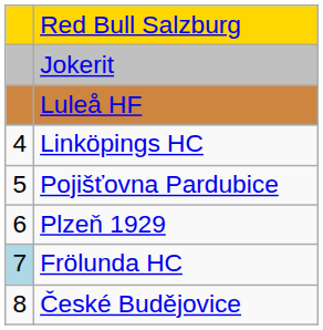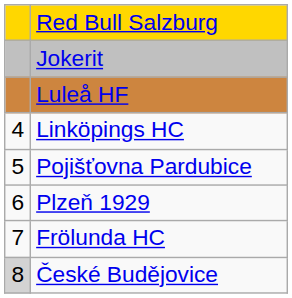 <table class="wikitable" style="width:200px;">
 <tr style="background:gold;">
 <td align=center></td>
 <td> <a href='#'>Red Bull Salzburg</a></td>
 </tr>
 <tr style="background:silver;">
 <td align=center></td>
 <td> <a href='#'>Jokerit</a></td>
 </tr>
 <tr style="background:peru;">
 <td align=center></td>
 <td> <a href='#'>Luleå HF</a></td>
 </tr>
 <tr>
 <td align=center>4</td>
 <td> <a href='#'>Linköpings HC</a></td>
 </tr>
 <tr>
 <td align=center>5</td>
 <td> <a href='#'>Pojišťovna Pardubice</a></td>
 </tr>
 <tr>
 <td align=center>6</td>
 <td> <a href='#'>Plzeň 1929</a></td>
 </tr>
 <tr>
-<td align=center style="background: lightblue;">7</td>
+<td align=center>7</td>
 <td> <a href='#'>Frölunda HC</a></td>
 </tr>
 <tr>
-<td align=center>8</td>
+<td align=center style="background: lightgrey;">8</td>
 <td> <a href='#'>České Budějovice</a></td>
 </tr>
 </table>
